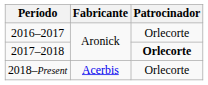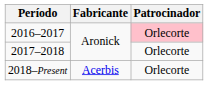 <table class="wikitable" style="text-align:center;margin-left:1em">
 <tr>
 <th>Período</th>
 <th>Fabricante</th>
 <th>Patrocinador</th>
 </tr>
 <tr>
 <td>2016–2017</td>
 <td rowspan=2>Aronick</td>
-<td>Orlecorte</td>
+<td style="background: pink;">Orlecorte</td>
 </tr>
 <tr>
 <td>2017–2018</td>
-<td><strong>Orlecorte</strong></td>
+<td>Orlecorte</td>
 </tr>
 <tr>
 <td>2018–<small><em>Present</em></small></td>
 <td rowspan=2><a href='#'>Acerbis</a></td>
 <td>Orlecorte</td>
 </tr>
 </table>
